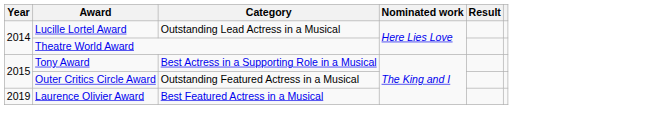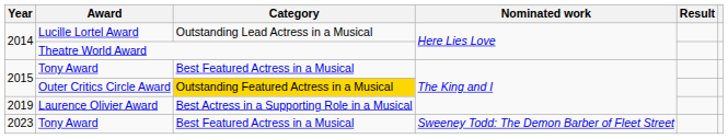 <table class="wikitable unsortable">
 <tr>
 <th>Year</th>
 <th>Award</th>
 <th>Category</th>
 <th>Nominated work</th>
 <th>Result</th>
 <th></th>
 </tr>
 <tr>
 <td rowspan="2">2014</td>
 <td><a href='#'>Lucille Lortel Award</a></td>
 <td>Outstanding Lead Actress in a Musical</td>
 <td rowspan="2"><em><a href='#'>Here Lies Love</a></em></td>
 <td></td>
 <td></td>
 </tr>
 <tr>
 <td colspan="2"><a href='#'>Theatre World Award</a></td>
 <td></td>
 <td></td>
 </tr>
 <tr>
 <td rowspan="2">2015</td>
 <td><a href='#'>Tony Award</a></td>
-<td><a href='#'>Best Actress in a Supporting Role in a Musical</a></td>
+<td><a href='#'>Best Featured Actress in a Musical</a></td>
 <td rowspan="3"><em><a href='#'>The King and I</a></em></td>
 <td></td>
 <td></td>
 </tr>
 <tr>
 <td><a href='#'>Outer Critics Circle Award</a></td>
-<td>Outstanding Featured Actress in a Musical</td>
+<td style="background: gold;">Outstanding Featured Actress in a Musical</td>
 <td></td>
 <td></td>
 </tr>
 <tr>
 <td>2019</td>
 <td><a href='#'>Laurence Olivier Award</a></td>
+<td><a href='#'>Best Actress in a Supporting Role in a Musical</a></td>
+<td></td>
+<td></td>
+</tr>
+<tr>
+<td>2023</td>
+<td><a href='#'>Tony Award</a></td>
 <td><a href='#'>Best Featured Actress in a Musical</a></td>
+<td><em><a href='#'>Sweeney Todd: The Demon Barber of Fleet Street</a></em></td>
 <td></td>
 <td></td>
 </tr>
 </table>
